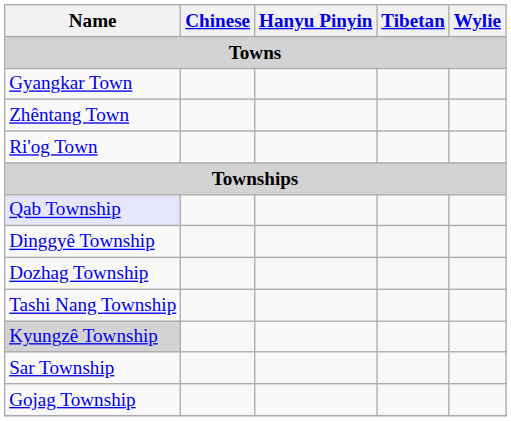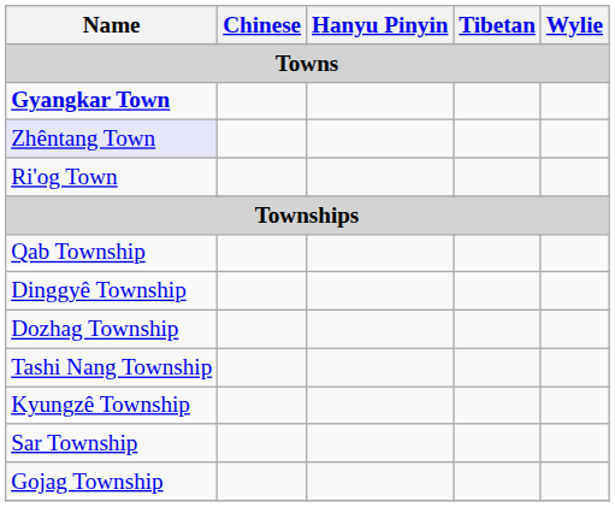 <table class="wikitable"  style="font-size:90%;" align=center>
 <tr>
 <th>Name</th>
 <th><a href='#'>Chinese</a></th>
 <th><a href='#'>Hanyu Pinyin</a></th>
 <th><a href='#'>Tibetan</a></th>
 <th><a href='#'>Wylie</a></th>
 </tr>
 <tr --------->
 <td colspan="7"  style="text-align:center; background:#d3d3d3;"><strong>Towns</strong></td>
 </tr>
 <tr --------->
-<td><a href='#'>Gyangkar Town</a></td>
+<td><strong><a href='#'>Gyangkar Town</a></strong></td>
 <td></td>
 <td></td>
 <td></td>
 <td></td>
 </tr>
 <tr>
-<td><a href='#'>Zhêntang Town</a></td>
+<td style="background: lavender;"><a href='#'>Zhêntang Town</a></td>
 <td></td>
 <td></td>
 <td></td>
 <td></td>
 </tr>
 <tr>
 <td><a href='#'>Ri'og Town</a></td>
 <td></td>
 <td></td>
 <td></td>
 <td></td>
 </tr>
 <tr --------->
 <td colspan="7"  style="text-align:center; background:#d3d3d3;"><strong>Townships</strong></td>
 </tr>
 <tr --------->
-<td style="background: lavender;"><a href='#'>Qab Township</a></td>
+<td><a href='#'>Qab Township</a></td>
 <td></td>
 <td></td>
 <td></td>
 <td></td>
 </tr>
 <tr>
 <td><a href='#'>Dinggyê Township</a></td>
 <td></td>
 <td></td>
 <td></td>
 <td></td>
 </tr>
 <tr>
 <td><a href='#'>Dozhag Township</a></td>
 <td></td>
 <td></td>
 <td></td>
 <td></td>
 </tr>
 <tr>
 <td><a href='#'>Tashi Nang Township</a></td>
 <td></td>
 <td></td>
 <td></td>
 <td></td>
 </tr>
 <tr>
-<td style="background: lightgrey;"><a href='#'>Kyungzê Township</a></td>
+<td><a href='#'>Kyungzê Township</a></td>
 <td></td>
 <td></td>
 <td></td>
 <td></td>
 </tr>
 <tr>
 <td><a href='#'>Sar Township</a></td>
 <td></td>
 <td></td>
 <td></td>
 <td></td>
 </tr>
 <tr>
 <td><a href='#'>Gojag Township</a></td>
 <td></td>
 <td></td>
 <td></td>
 <td></td>
 </tr>
 <tr>
 </tr>
 </table>
